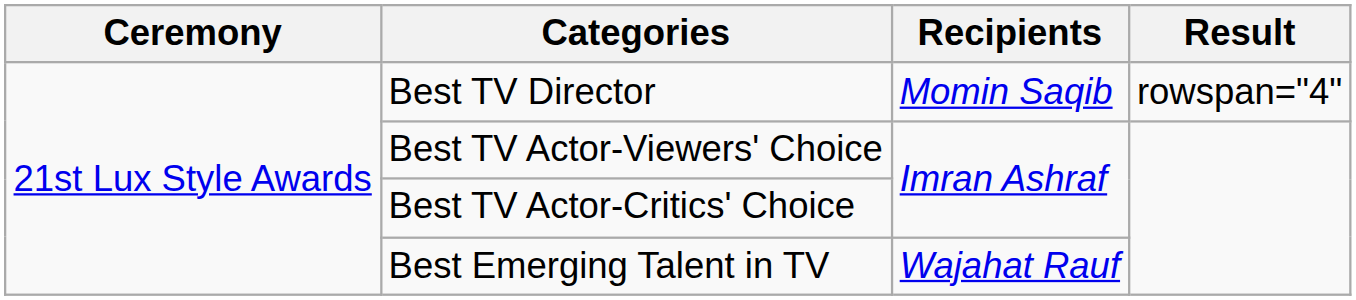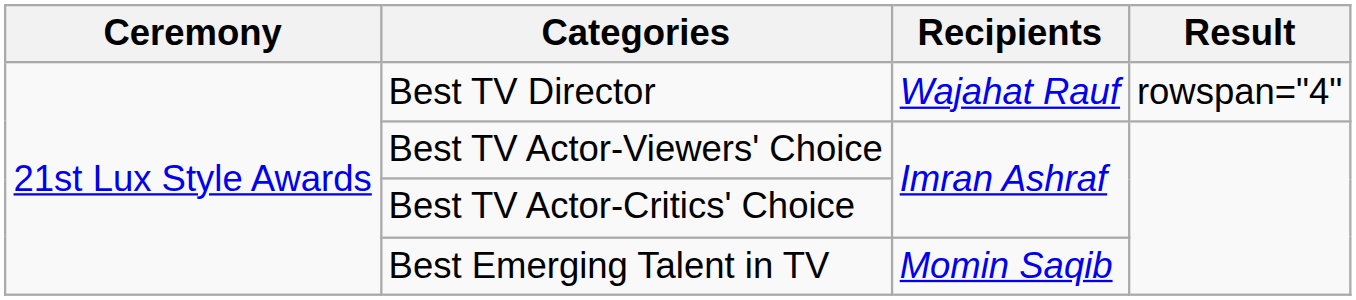 <table class="wikitable style">
 <tr>
 <th>Ceremony</th>
 <th>Categories</th>
 <th>Recipients</th>
 <th>Result</th>
 </tr>
 <tr>
 <td rowspan="7"><a href='#'>21st Lux Style Awards</a></td>
 <td>Best TV Director</td>
-<td><em><a href='#'>Momin Saqib</a></em></td>
+<td><em><a href='#'>Wajahat Rauf</a></em></td>
 <td>rowspan="4" </td>
 </tr>
 <tr>
 <td>Best TV Actor-Viewers' Choice</td>
 <td rowspan="2"><em><a href='#'>Imran Ashraf</a></em></td>
 </tr>
 <tr>
 <td>Best TV Actor-Critics' Choice</td>
 </tr>
 <tr>
 <td>Best Emerging Talent in TV</td>
-<td><em><a href='#'>Wajahat Rauf</a></em></td>
+<td><em><a href='#'>Momin Saqib</a></em></td>
 </tr>
 </table>
